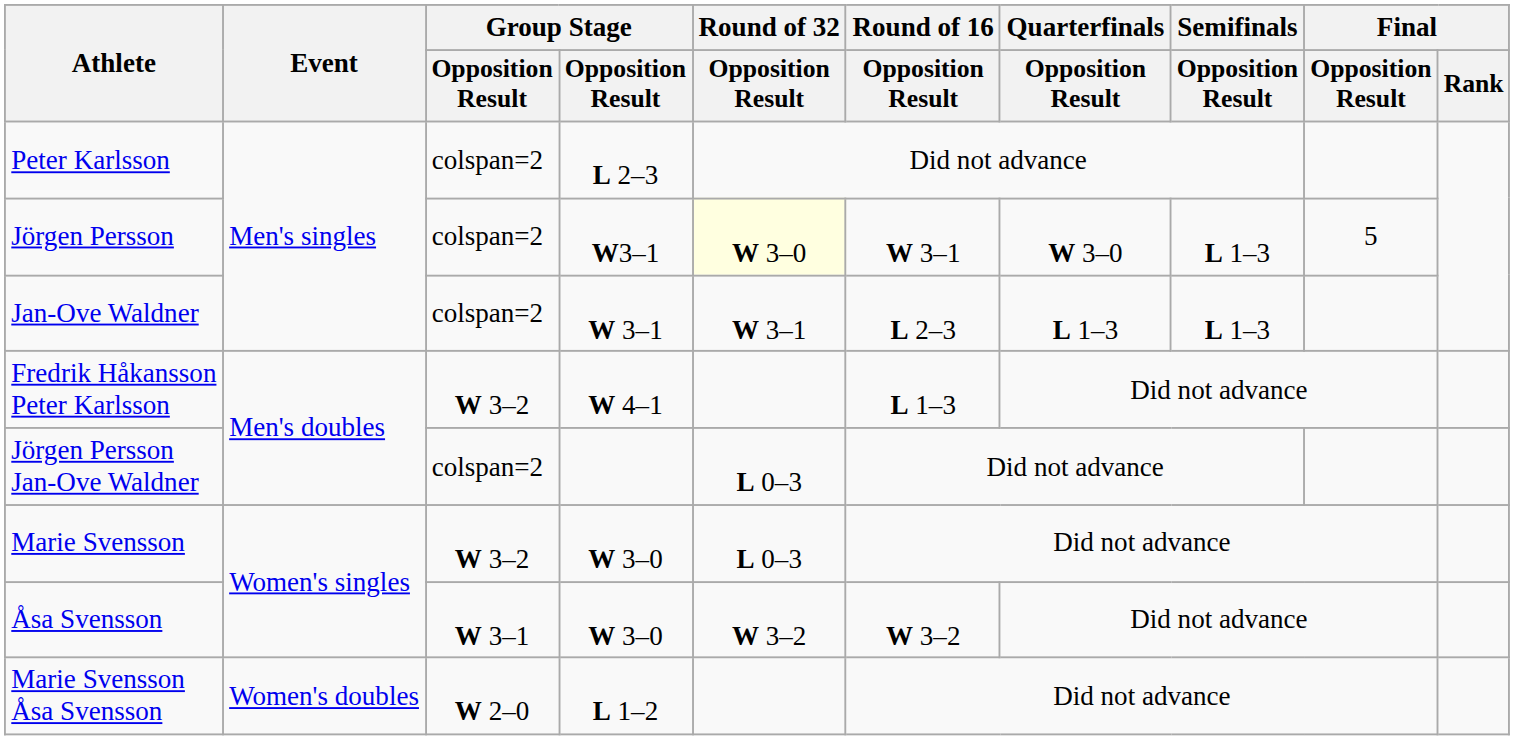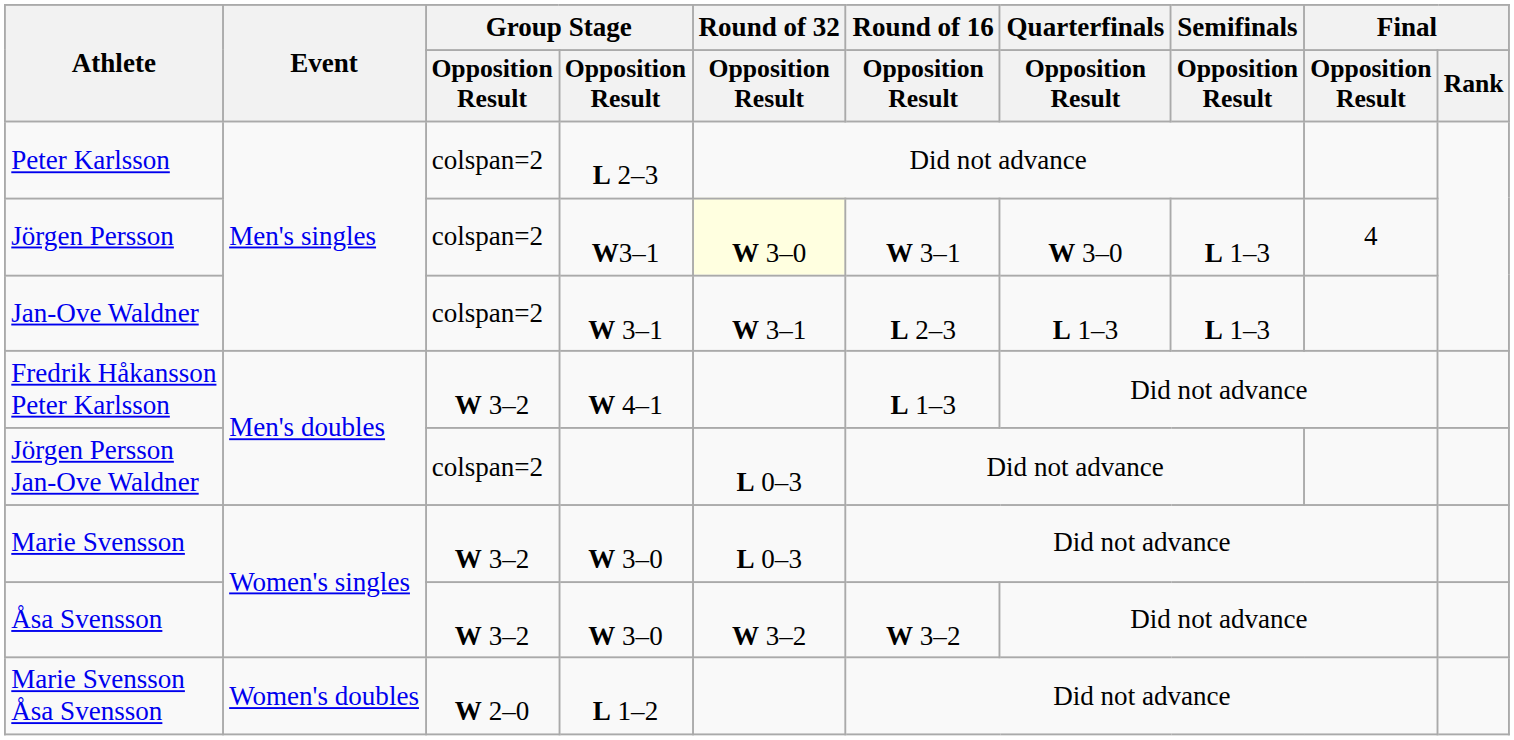 <table class="wikitable" border="1" style="font-size:90%">
 <tr>
 <th rowspan="2">Athlete</th>
 <th rowspan="2">Event</th>
 <th colspan="2">Group Stage</th>
 <th>Round of 32</th>
 <th>Round of 16</th>
 <th>Quarterfinals</th>
 <th>Semifinals</th>
 <th colspan=2>Final</th>
 </tr>
 <tr style="font-size:95%">
 <th>Opposition<br>Result</th>
 <th>Opposition<br>Result</th>
 <th>Opposition<br>Result</th>
 <th>Opposition<br>Result</th>
 <th>Opposition<br>Result</th>
 <th>Opposition<br>Result</th>
 <th>Opposition<br>Result</th>
 <th>Rank</th>
 </tr>
 <tr>
 <td><a href='#'>Peter Karlsson</a></td>
 <td rowspan=3><a href='#'>Men's singles</a></td>
 <td>colspan=2 </td>
 <td align=center><br><strong>L</strong> 2–3</td>
 <td colspan=4 align=center>Did not advance</td>
 <td></td>
 </tr>
 <tr>
 <td><a href='#'>Jörgen Persson</a></td>
 <td>colspan=2 </td>
 <td align=center><br><strong>W</strong>3–1</td>
 <td align=center style="background: lightyellow;"><br><strong>W</strong> 3–0</td>
 <td align=center><br><strong>W</strong> 3–1</td>
 <td align=center><br><strong>W</strong> 3–0</td>
 <td align=center><br><strong>L</strong> 1–3</td>
-<td align=center>5</td>
+<td align=center>4</td>
 </tr>
 <tr>
 <td><a href='#'>Jan-Ove Waldner</a></td>
 <td>colspan=2 </td>
 <td align=center><br><strong>W</strong> 3–1</td>
 <td align=center><br><strong>W</strong> 3–1</td>
 <td align=center><br><strong>L</strong> 2–3</td>
 <td align=center><br><strong>L</strong> 1–3</td>
 <td align=center><br><strong>L</strong> 1–3</td>
 <td align=center></td>
 </tr>
 <tr>
 <td><a href='#'>Fredrik Håkansson</a><br><a href='#'>Peter Karlsson</a></td>
 <td rowspan=2><a href='#'>Men's doubles</a></td>
 <td align=center><br><strong>W</strong> 3–2</td>
 <td align=center><br><strong>W</strong> 4–1</td>
 <td></td>
 <td align=center><br><strong>L</strong> 1–3</td>
 <td colspan=3 align=center>Did not advance</td>
 <td></td>
 </tr>
 <tr>
 <td><a href='#'>Jörgen Persson</a><br><a href='#'>Jan-Ove Waldner</a></td>
 <td>colspan=2 </td>
 <td></td>
 <td align=center><br><strong>L</strong> 0–3</td>
 <td colspan=3 align=center>Did not advance</td>
 <td></td>
 </tr>
 <tr>
 <td><a href='#'>Marie Svensson</a></td>
 <td rowspan=2><a href='#'>Women's singles</a></td>
 <td align=center><br><strong>W</strong> 3–2</td>
 <td align=center><br><strong>W</strong> 3–0</td>
 <td align=center><br><strong>L</strong> 0–3</td>
 <td colspan=4 align=center>Did not advance</td>
 <td></td>
 </tr>
 <tr>
 <td><a href='#'>Åsa Svensson</a></td>
-<td align=center><br><strong>W</strong> 3–1</td>
+<td align=center><br><strong>W</strong> 3–2</td>
 <td align=center><br><strong>W</strong> 3–0</td>
 <td align=center><br><strong>W</strong> 3–2</td>
 <td align=center><br><strong>W</strong> 3–2</td>
 <td colspan=3 align=center>Did not advance</td>
 <td align=center></td>
 </tr>
 <tr>
 <td><a href='#'>Marie Svensson</a><br><a href='#'>Åsa Svensson</a></td>
 <td><a href='#'>Women's doubles</a></td>
 <td align=center><br><strong>W</strong> 2–0</td>
 <td align=center><br><strong>L</strong> 1–2</td>
 <td></td>
 <td colspan=4 align=center>Did not advance</td>
 <td></td>
 </tr>
 </table>
